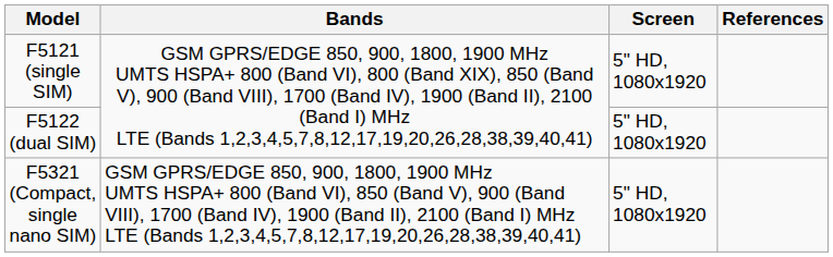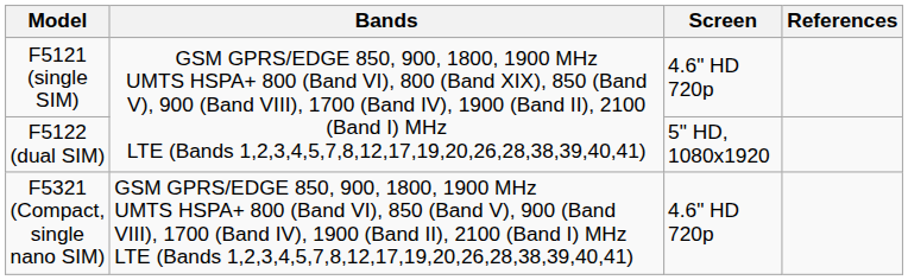 <table class="wikitable sortable" style="width:700px">
 <tr>
 <th style="width:10px;">Model</th>
 <th>Bands</th>
 <th>Screen</th>
 <th>References</th>
 </tr>
 <tr>
 <td style="text-align:center;">F5121 (single SIM)</td>
 <td rowspan="2" style="text-align:center;">GSM GPRS/EDGE 850, 900, 1800, 1900 MHz<br>UMTS HSPA+ 800 (Band VI), 800 (Band XIX), 850 (Band V), 900 (Band VIII), 1700 (Band IV), 1900 (Band II), 2100 (Band I) MHz<br>LTE (Bands 1,2,3,4,5,7,8,12,17,19,20,26,28,38,39,40,41)</td>
-<td>5" HD, 1080x1920</td>
+<td>4.6" HD 720p</td>
 <td style="text-align:center;"></td>
 </tr>
 <tr>
 <td style="text-align:center;">F5122<br>(dual SIM)</td>
 <td>5" HD, 1080x1920</td>
 <td style="text-align:center;"></td>
 </tr>
 <tr>
 <td style="text-align:center;">F5321<br>(Compact, single nano SIM)</td>
 <td>GSM GPRS/EDGE 850, 900, 1800, 1900 MHz<br>UMTS HSPA+ 800 (Band VI), 850 (Band V), 900 (Band VIII), 1700 (Band IV), 1900 (Band II), 2100 (Band I) MHz LTE (Bands 1,2,3,4,5,7,8,12,17,19,20,26,28,38,39,40,41)</td>
-<td>5" HD, 1080x1920</td>
+<td>4.6" HD 720p</td>
 <td style="text-align:center;"></td>
 </tr>
 </table>
